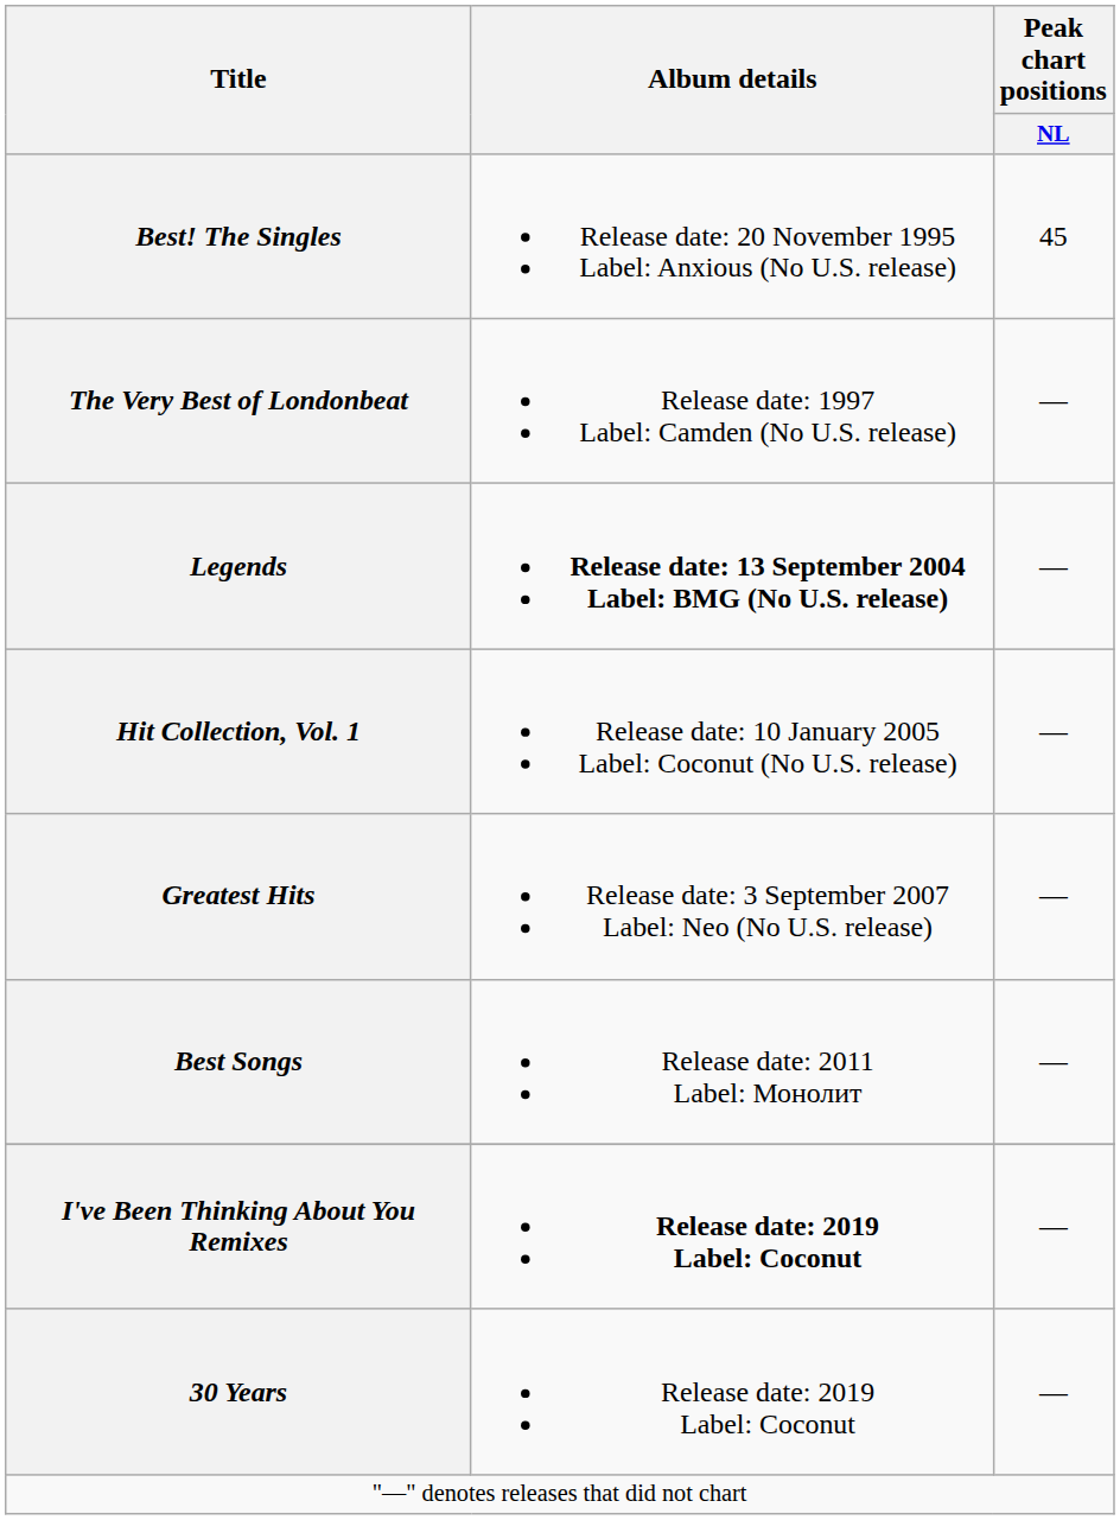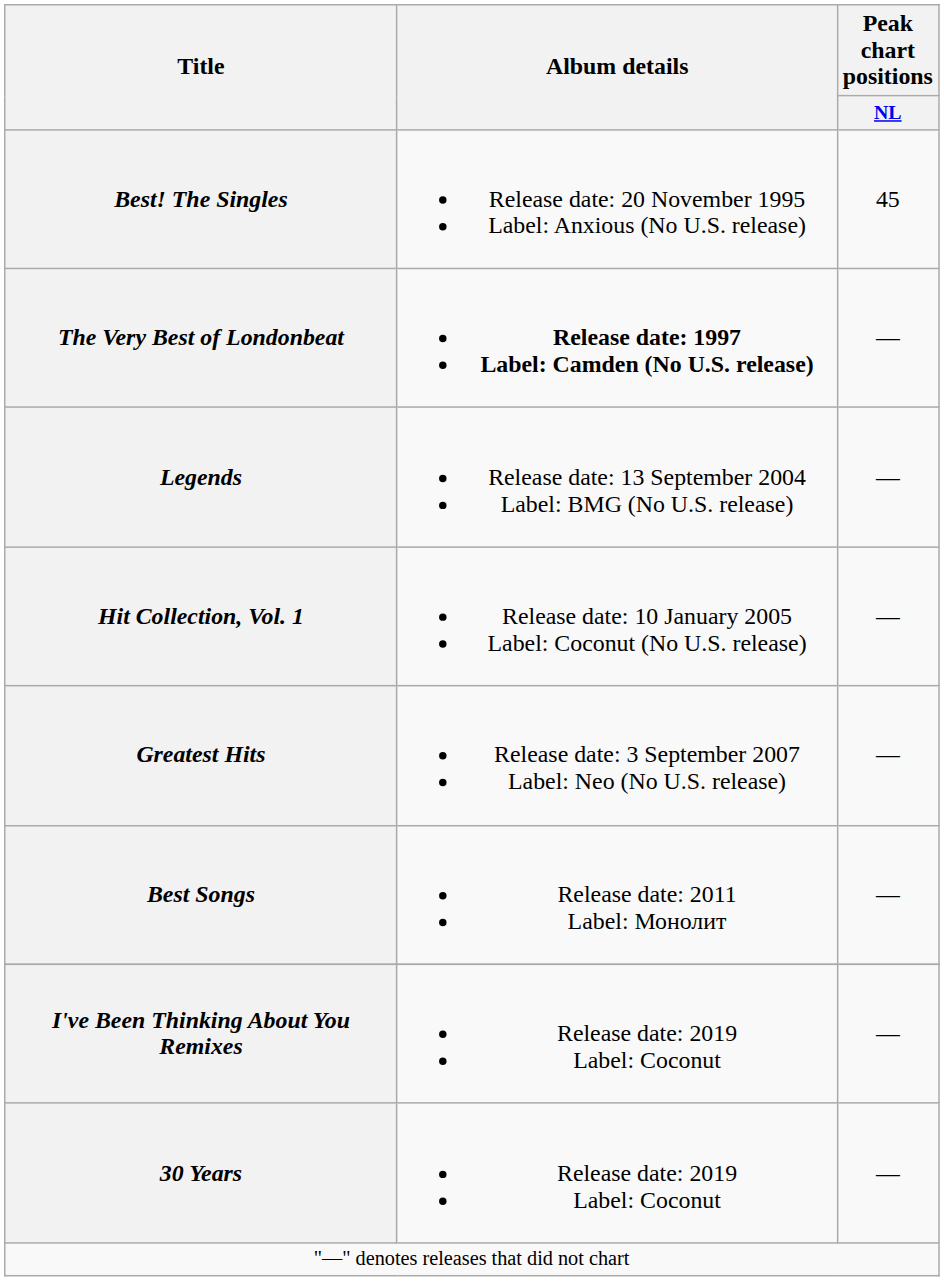 <table class="wikitable plainrowheaders" style="text-align:center;">
 <tr>
 <th rowspan="2" style="width:16em;">Title</th>
 <th rowspan="2" style="width:18em;">Album details</th>
 <th>Peak chart positions</th>
 </tr>
 <tr style="font-size:smaller;">
 <th style="width:40px;"><a href='#'>NL</a><br></th>
 </tr>
 <tr>
 <th scope="row"><em>Best! The Singles</em></th>
 <td><br><ul><li>Release date: 20 November 1995</li><li>Label: Anxious (No U.S. release)</li></ul></td>
 <td>45</td>
 </tr>
 <tr>
 <th scope="row"><em>The Very Best of Londonbeat</em></th>
-<td><br><ul><li>Release date: 1997</li><li>Label: Camden (No U.S. release)</li></ul></td>
+<td><strong><br><ul><li>Release date: 1997</li><li>Label: Camden (No U.S. release)</li></ul></strong></td>
 <td>—</td>
 </tr>
 <tr>
 <th scope="row"><em>Legends</em></th>
-<td><strong><br><ul><li>Release date: 13 September 2004</li><li>Label: BMG (No U.S. release)</li></ul></strong></td>
+<td><br><ul><li>Release date: 13 September 2004</li><li>Label: BMG (No U.S. release)</li></ul></td>
 <td>—</td>
 </tr>
 <tr>
 <th scope="row"><em>Hit Collection, Vol. 1</em></th>
 <td><br><ul><li>Release date: 10 January 2005</li><li>Label: Coconut (No U.S. release)</li></ul></td>
 <td>—</td>
 </tr>
 <tr>
 <th scope="row"><em>Greatest Hits</em></th>
 <td><br><ul><li>Release date: 3 September 2007</li><li>Label: Neo (No U.S. release)</li></ul></td>
 <td>—</td>
 </tr>
 <tr>
 <th scope="row"><em>Best Songs</em></th>
 <td><br><ul><li>Release date: 2011</li><li>Label: Монолит</li></ul></td>
 <td>—</td>
 </tr>
 <tr>
 </tr>
 <tr>
 <th scope="row"><em>I've Been Thinking About You Remixes</em></th>
-<td><strong><br><ul><li>Release date: 2019</li><li>Label: Coconut</li></ul></strong></td>
+<td><br><ul><li>Release date: 2019</li><li>Label: Coconut</li></ul></td>
 <td>—</td>
 </tr>
 <tr>
 <th scope="row"><em>30 Years</em></th>
 <td><br><ul><li>Release date: 2019</li><li>Label: Coconut</li></ul></td>
 <td>—</td>
 </tr>
 <tr>
 <td colspan="6" style="font-size:85%">"—" denotes releases that did not chart</td>
 </tr>
 </table>
